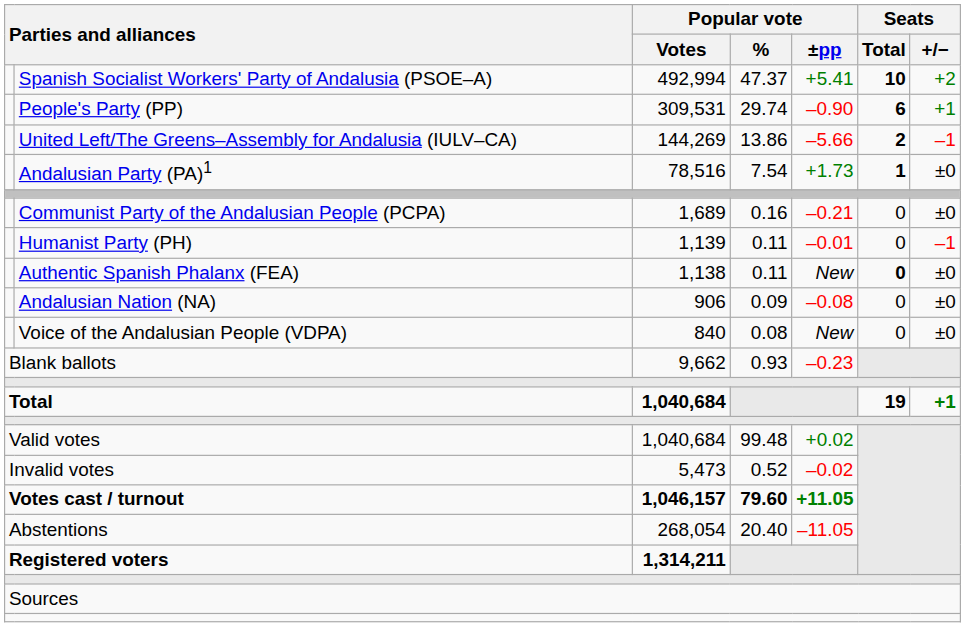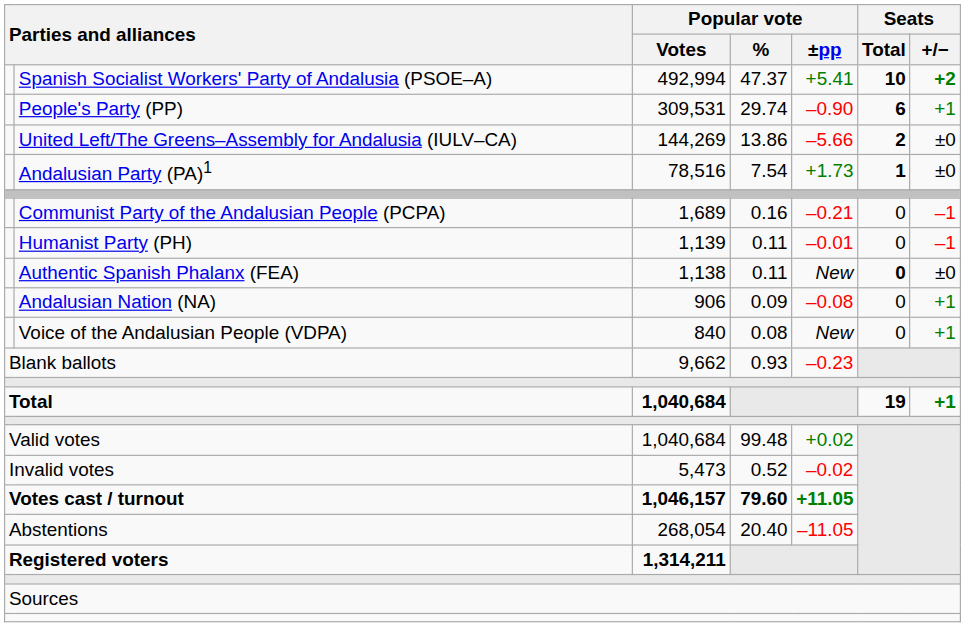 <table class="wikitable" style="text-align:right;">
 <tr>
 <th style="text-align:left;" rowspan="2" colspan="2" width="525">Parties and alliances</th>
 <th colspan="3">Popular vote</th>
 <th colspan="2">Seats</th>
 </tr>
 <tr>
 <th width="75">Votes</th>
 <th width="45">%</th>
 <th width="45">±<a href='#'>pp</a></th>
 <th width="35">Total</th>
 <th width="35">+/−</th>
 </tr>
 <tr>
 <td width="1" style="color:inherit;background:"></td>
 <td align="left"><a href='#'>Spanish Socialist Workers' Party of Andalusia</a> (PSOE–A)</td>
 <td>492,994</td>
 <td>47.37</td>
 <td style="color:green;">+5.41</td>
 <td><strong>10</strong></td>
-<td style="color:green;">+2</td>
+<td style="color:green;"><strong>+2</strong></td>
 </tr>
 <tr>
 <td style="color:inherit;background:"></td>
 <td align="left"><a href='#'>People's Party</a> (PP)</td>
 <td>309,531</td>
 <td>29.74</td>
 <td style="color:red;">–0.90</td>
 <td><strong>6</strong></td>
 <td style="color:green;">+1</td>
 </tr>
 <tr>
 <td style="color:inherit;background:"></td>
 <td align="left"><a href='#'>United Left/The Greens–Assembly for Andalusia</a> (IULV–CA)</td>
 <td>144,269</td>
 <td>13.86</td>
 <td style="color:red;">–5.66</td>
 <td><strong>2</strong></td>
-<td style="color:red;">–1</td>
+<td>±0</td>
 </tr>
 <tr>
 <td style="color:inherit;background:"></td>
 <td align="left"><a href='#'>Andalusian Party</a> (PA)<sup>1</sup></td>
 <td>78,516</td>
 <td>7.54</td>
 <td style="color:green;">+1.73</td>
 <td><strong>1</strong></td>
 <td>±0</td>
 </tr>
 <tr>
 <td colspan="7" bgcolor="#C0C0C0"></td>
 </tr>
 <tr>
 <td style="color:inherit;background:"></td>
 <td align="left"><a href='#'>Communist Party of the Andalusian People</a> (PCPA)</td>
 <td>1,689</td>
 <td>0.16</td>
 <td style="color:red;">–0.21</td>
 <td>0</td>
-<td>±0</td>
+<td style="color:red;">–1</td>
 </tr>
 <tr>
 <td style="color:inherit;background:"></td>
 <td align="left"><a href='#'>Humanist Party</a> (PH)</td>
 <td>1,139</td>
 <td>0.11</td>
 <td style="color:red;">–0.01</td>
 <td>0</td>
 <td style="color:red;">–1</td>
 </tr>
 <tr>
 <td style="color:inherit;background:"></td>
 <td align="left"><a href='#'>Authentic Spanish Phalanx</a> (FEA)</td>
 <td>1,138</td>
 <td>0.11</td>
 <td><em>New</em></td>
 <td><strong>0</strong></td>
 <td>±0</td>
 </tr>
 <tr>
 <td style="color:inherit;background:"></td>
 <td align="left"><a href='#'>Andalusian Nation</a> (NA)</td>
 <td>906</td>
 <td>0.09</td>
 <td style="color:red;">–0.08</td>
 <td>0</td>
-<td>±0</td>
+<td style="color:green;">+1</td>
 </tr>
 <tr>
 <td style="color:inherit;background:"></td>
 <td align="left">Voice of the Andalusian People (VDPA)</td>
 <td>840</td>
 <td>0.08</td>
 <td><em>New</em></td>
 <td>0</td>
-<td>±0</td>
+<td style="color:green;">+1</td>
 </tr>
 <tr>
 <td align="left" colspan="2">Blank ballots</td>
 <td>9,662</td>
 <td>0.93</td>
 <td style="color:red;">–0.23</td>
 <td bgcolor="#E9E9E9" colspan="2"></td>
 </tr>
 <tr>
 <td colspan="7" bgcolor="#E9E9E9"></td>
 </tr>
 <tr style="font-weight:bold;">
 <td align="left" colspan="2">Total</td>
 <td>1,040,684</td>
 <td bgcolor="#E9E9E9" colspan="2"></td>
 <td>19</td>
 <td style="color:green;">+1</td>
 </tr>
 <tr>
 <td colspan="7" bgcolor="#E9E9E9"></td>
 </tr>
 <tr>
 <td align="left" colspan="2">Valid votes</td>
 <td>1,040,684</td>
 <td>99.48</td>
 <td style="color:green;">+0.02</td>
 <td bgcolor="#E9E9E9" colspan="2" rowspan="5"></td>
 </tr>
 <tr>
 <td align="left" colspan="2">Invalid votes</td>
 <td>5,473</td>
 <td>0.52</td>
 <td style="color:red;">–0.02</td>
 </tr>
 <tr style="font-weight:bold;">
 <td align="left" colspan="2">Votes cast / turnout</td>
 <td>1,046,157</td>
 <td>79.60</td>
 <td style="color:green;">+11.05</td>
 </tr>
 <tr>
 <td align="left" colspan="2">Abstentions</td>
 <td>268,054</td>
 <td>20.40</td>
 <td style="color:red;">–11.05</td>
 </tr>
 <tr style="font-weight:bold;">
 <td align="left" colspan="2">Registered voters</td>
 <td>1,314,211</td>
 <td bgcolor="#E9E9E9" colspan="2"></td>
 </tr>
 <tr>
 <td colspan="7" bgcolor="#E9E9E9"></td>
 </tr>
 <tr>
 <td align="left" colspan="7">Sources</td>
 </tr>
 <tr>
 <td colspan="7" style="text-align:left; max-width:790px;"></td>
 </tr>
 </table>
